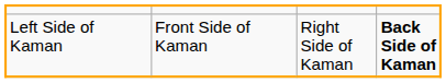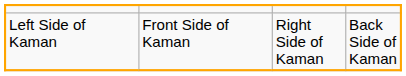 <table class="wikitable" align="center" width="30%" style="font-size:90%; border:2px solid orange;">
 <tr>
 <td width="40%" align="center" valign="center"></td>
 <td width="40%" align="center" valign="center"></td>
 <td width="40%" align="center" valign="center"></td>
 <td width="40%" align="center" valign="center"></td>
 </tr>
 <tr>
 <td valign="top">Left Side of Kaman</td>
 <td valign="top">Front Side of Kaman</td>
 <td valign="top">Right Side of Kaman</td>
-<td valign="top"><strong>Back Side of Kaman</strong></td>
+<td valign="top">Back Side of Kaman</td>
 </tr>
 <tr>
 </tr>
 </table>
